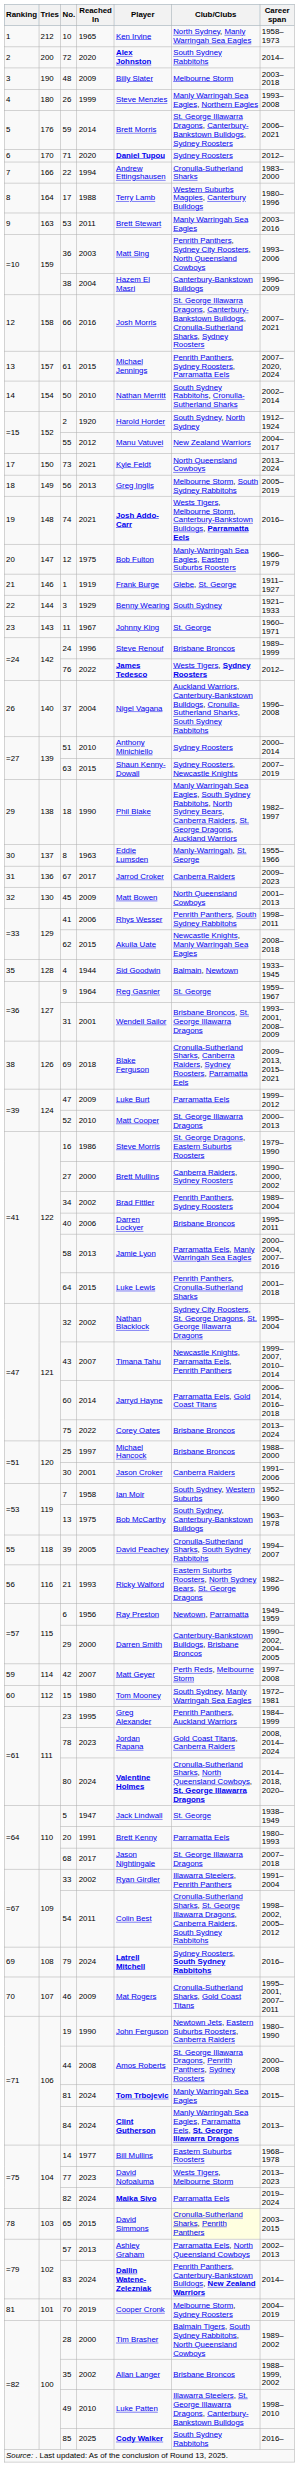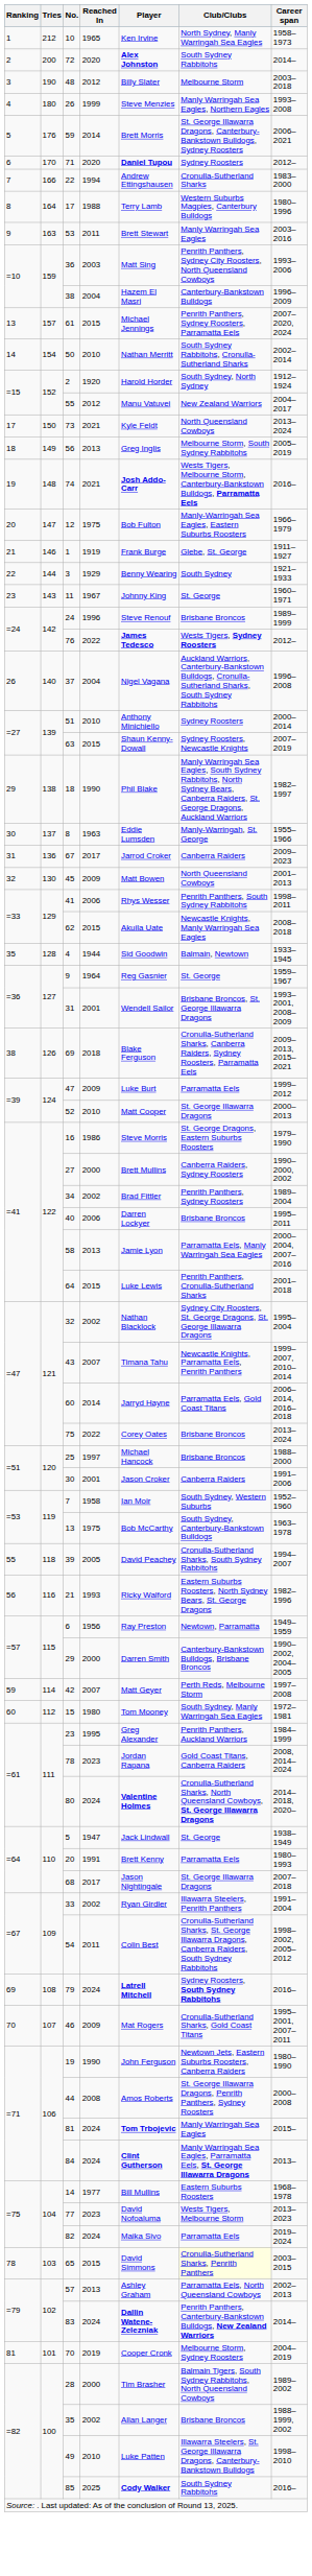 <table class="wikitable sortable" width=95%>
 <tr bgcolor=#87cefa>
 <th>Ranking</th>
 <th>Tries</th>
 <th>No.</th>
 <th>Reached In</th>
 <th>Player</th>
 <th>Club/Clubs</th>
 <th>Career span</th>
 </tr>
 <tr>
 <td>1</td>
 <td>212</td>
 <td>10</td>
 <td>1965</td>
 <td><a href='#'>Ken Irvine</a></td>
 <td><a href='#'>North Sydney</a>, <a href='#'>Manly Warringah Sea Eagles</a></td>
 <td>1958–1973</td>
 </tr>
 <tr>
 <td>2</td>
 <td>200</td>
 <td>72</td>
 <td>2020</td>
 <td><strong><a href='#'>Alex Johnston</a></strong></td>
 <td><a href='#'>South Sydney Rabbitohs</a></td>
 <td>2014–</td>
 </tr>
 <tr>
 <td>3</td>
 <td>190</td>
 <td>48</td>
-<td>2009</td>
+<td>2012</td>
 <td><a href='#'>Billy Slater</a></td>
 <td><a href='#'>Melbourne Storm</a></td>
 <td>2003–2018</td>
 </tr>
 <tr>
 <td>4</td>
 <td>180</td>
 <td>26</td>
 <td>1999</td>
 <td><a href='#'>Steve Menzies</a></td>
 <td><a href='#'>Manly Warringah Sea Eagles</a>, <a href='#'>Northern Eagles</a></td>
 <td>1993–2008</td>
 </tr>
 <tr>
 <td>5</td>
 <td>176</td>
 <td>59</td>
 <td>2014</td>
 <td><a href='#'>Brett Morris</a></td>
 <td><a href='#'>St. George Illawarra Dragons</a>, <a href='#'>Canterbury-Bankstown Bulldogs</a>, <a href='#'>Sydney Roosters</a></td>
 <td>2006–2021</td>
 </tr>
 <tr>
 <td>6</td>
 <td>170</td>
 <td>71</td>
 <td>2020</td>
 <td><strong><a href='#'>Daniel Tupou</a></strong></td>
 <td><a href='#'>Sydney Roosters</a></td>
 <td>2012–</td>
 </tr>
 <tr>
 <td>7</td>
 <td>166</td>
 <td>22</td>
 <td>1994</td>
 <td><a href='#'>Andrew Ettingshausen</a></td>
 <td><a href='#'>Cronulla-Sutherland Sharks</a></td>
 <td>1983–2000</td>
 </tr>
 <tr>
 <td>8</td>
 <td>164</td>
 <td>17</td>
 <td>1988</td>
 <td><a href='#'>Terry Lamb</a></td>
 <td><a href='#'>Western Suburbs Magpies</a>, <a href='#'>Canterbury Bulldogs</a></td>
 <td>1980–1996</td>
 </tr>
 <tr>
 <td>9</td>
 <td>163</td>
 <td>53</td>
 <td>2011</td>
 <td><a href='#'>Brett Stewart</a></td>
 <td><a href='#'>Manly Warringah Sea Eagles</a></td>
 <td>2003–2016</td>
 </tr>
 <tr>
 <td rowspan="2">=10</td>
 <td rowspan="2">159</td>
 <td>36</td>
 <td>2003</td>
 <td><a href='#'>Matt Sing</a></td>
 <td><a href='#'>Penrith Panthers</a>, <a href='#'>Sydney City Roosters</a>, <a href='#'>North Queensland Cowboys</a></td>
 <td>1993–2006</td>
 </tr>
 <tr>
 <td>38</td>
 <td>2004</td>
 <td><a href='#'>Hazem El Masri</a></td>
 <td><a href='#'>Canterbury-Bankstown Bulldogs</a></td>
 <td>1996–2009</td>
-</tr>
-<tr>
-<td>12</td>
-<td>158</td>
-<td>66</td>
-<td>2016</td>
-<td><a href='#'>Josh Morris</a></td>
-<td><a href='#'>St. George Illawarra Dragons</a>, <a href='#'>Canterbury-Bankstown Bulldogs</a>, <a href='#'>Cronulla-Sutherland Sharks</a>, <a href='#'>Sydney Roosters</a></td>
-<td>2007–2021</td>
 </tr>
 <tr>
 <td>13</td>
 <td>157</td>
 <td>61</td>
 <td>2015</td>
 <td><a href='#'>Michael Jennings</a></td>
 <td><a href='#'>Penrith Panthers</a>, <a href='#'>Sydney Roosters</a>, <a href='#'>Parramatta Eels</a></td>
 <td>2007–2020, 2024</td>
 </tr>
 <tr>
 <td>14</td>
 <td>154</td>
 <td>50</td>
 <td>2010</td>
 <td><a href='#'>Nathan Merritt</a></td>
 <td><a href='#'>South Sydney Rabbitohs</a>, <a href='#'>Cronulla-Sutherland Sharks</a></td>
 <td>2002–2014</td>
 </tr>
 <tr>
 <td rowspan="2">=15</td>
 <td rowspan="2">152</td>
 <td>2</td>
 <td>1920</td>
 <td><a href='#'>Harold Horder</a></td>
 <td><a href='#'>South Sydney</a>, <a href='#'>North Sydney</a></td>
 <td>1912–1924</td>
 </tr>
 <tr>
 <td>55</td>
 <td>2012</td>
 <td><a href='#'>Manu Vatuvei</a></td>
 <td><a href='#'>New Zealand Warriors</a></td>
 <td>2004–2017</td>
 </tr>
 <tr>
 <td>17</td>
 <td>150</td>
 <td>73</td>
 <td>2021</td>
 <td><a href='#'>Kyle Feldt</a></td>
 <td><a href='#'>North Queensland Cowboys</a></td>
 <td>2013–2024</td>
 </tr>
 <tr>
 <td>18</td>
 <td>149</td>
 <td>56</td>
 <td>2013</td>
 <td><a href='#'>Greg Inglis</a></td>
 <td><a href='#'>Melbourne Storm</a>, <a href='#'>South Sydney Rabbitohs</a></td>
 <td>2005–2019</td>
 </tr>
 <tr>
 <td>19</td>
 <td>148</td>
 <td>74</td>
 <td>2021</td>
 <td><strong><a href='#'>Josh Addo-Carr</a></strong></td>
 <td><a href='#'>Wests Tigers</a>, <a href='#'>Melbourne Storm</a>, <a href='#'>Canterbury-Bankstown Bulldogs</a>, <strong><a href='#'>Parramatta Eels</a></strong></td>
 <td>2016–</td>
 </tr>
 <tr>
 <td>20</td>
 <td>147</td>
 <td>12</td>
 <td>1975</td>
 <td><a href='#'>Bob Fulton</a></td>
 <td><a href='#'>Manly-Warringah Sea Eagles</a>, <a href='#'>Eastern Suburbs Roosters</a></td>
 <td>1966–1979</td>
 </tr>
 <tr>
 <td>21</td>
 <td>146</td>
 <td>1</td>
 <td>1919</td>
 <td><a href='#'>Frank Burge</a></td>
 <td><a href='#'>Glebe</a>, <a href='#'>St. George</a></td>
 <td>1911–1927</td>
 </tr>
 <tr>
 <td>22</td>
 <td>144</td>
 <td>3</td>
 <td>1929</td>
 <td><a href='#'>Benny Wearing</a></td>
 <td><a href='#'>South Sydney</a></td>
 <td>1921–1933</td>
 </tr>
 <tr>
 <td>23</td>
 <td>143</td>
 <td>11</td>
 <td>1967</td>
 <td><a href='#'>Johnny King</a></td>
 <td><a href='#'>St. George</a></td>
 <td>1960–1971</td>
 </tr>
 <tr>
 <td rowspan="2">=24</td>
 <td rowspan="2">142</td>
 <td>24</td>
 <td>1996</td>
 <td><a href='#'>Steve Renouf</a></td>
 <td><a href='#'>Brisbane Broncos</a></td>
 <td>1989–1999</td>
 </tr>
 <tr>
 <td>76</td>
 <td>2022</td>
 <td><strong><a href='#'>James Tedesco</a></strong></td>
 <td><a href='#'>Wests Tigers</a>, <strong><a href='#'>Sydney Roosters</a></strong></td>
 <td>2012–</td>
 </tr>
 <tr>
 <td>26</td>
 <td>140</td>
 <td>37</td>
 <td>2004</td>
 <td><a href='#'>Nigel Vagana</a></td>
 <td><a href='#'>Auckland Warriors</a>, <a href='#'>Canterbury-Bankstown Bulldogs</a>, <a href='#'>Cronulla-Sutherland Sharks</a>, <a href='#'>South Sydney Rabbitohs</a></td>
 <td>1996–2008</td>
 </tr>
 <tr>
 <td rowspan="2">=27</td>
 <td rowspan="2">139</td>
 <td>51</td>
 <td>2010</td>
 <td><a href='#'>Anthony Minichiello</a></td>
 <td><a href='#'>Sydney Roosters</a></td>
 <td>2000–2014</td>
 </tr>
 <tr>
 <td>63</td>
 <td>2015</td>
 <td><a href='#'>Shaun Kenny-Dowall</a></td>
 <td><a href='#'>Sydney Roosters</a>, <a href='#'>Newcastle Knights</a></td>
 <td>2007–2019</td>
 </tr>
 <tr>
 <td>29</td>
 <td>138</td>
 <td>18</td>
 <td>1990</td>
 <td><a href='#'>Phil Blake</a></td>
 <td><a href='#'>Manly Warringah Sea Eagles</a>, <a href='#'>South Sydney Rabbitohs</a>, <a href='#'>North Sydney Bears</a>, <a href='#'>Canberra Raiders</a>, <a href='#'>St. George Dragons</a>, <a href='#'>Auckland Warriors</a></td>
 <td>1982–1997</td>
 </tr>
 <tr>
 <td>30</td>
 <td>137</td>
 <td>8</td>
 <td>1963</td>
 <td><a href='#'>Eddie Lumsden</a></td>
 <td><a href='#'>Manly-Warringah</a>, <a href='#'>St. George</a></td>
 <td>1955–1966</td>
 </tr>
 <tr>
 <td>31</td>
 <td>136</td>
 <td>67</td>
 <td>2017</td>
 <td><a href='#'>Jarrod Croker</a></td>
 <td><a href='#'>Canberra Raiders</a></td>
 <td>2009–2023</td>
 </tr>
 <tr>
 <td>32</td>
 <td>130</td>
 <td>45</td>
 <td>2009</td>
 <td><a href='#'>Matt Bowen</a></td>
 <td><a href='#'>North Queensland Cowboys</a></td>
 <td>2001–2013</td>
 </tr>
 <tr>
 <td rowspan="2">=33</td>
 <td rowspan="2">129</td>
 <td>41</td>
 <td>2006</td>
 <td><a href='#'>Rhys Wesser</a></td>
 <td><a href='#'>Penrith Panthers</a>, <a href='#'>South Sydney Rabbitohs</a></td>
 <td>1998–2011</td>
 </tr>
 <tr>
 <td>62</td>
 <td>2015</td>
 <td><a href='#'>Akuila Uate</a></td>
 <td><a href='#'>Newcastle Knights</a>, <a href='#'>Manly Warringah Sea Eagles</a></td>
 <td>2008–2018</td>
 </tr>
 <tr>
 <td>35</td>
 <td>128</td>
 <td>4</td>
 <td>1944</td>
 <td><a href='#'>Sid Goodwin</a></td>
 <td><a href='#'>Balmain</a>, <a href='#'>Newtown</a></td>
 <td>1933–1945</td>
 </tr>
 <tr>
 <td rowspan="2">=36</td>
 <td rowspan="2">127</td>
 <td>9</td>
 <td>1964</td>
 <td><a href='#'>Reg Gasnier</a></td>
 <td><a href='#'>St. George</a></td>
 <td>1959–1967</td>
 </tr>
 <tr>
 <td>31</td>
 <td>2001</td>
 <td><a href='#'>Wendell Sailor</a></td>
 <td><a href='#'>Brisbane Broncos</a>, <a href='#'>St. George Illawarra Dragons</a></td>
 <td>1993–2001, 2008–2009</td>
 </tr>
 <tr>
 <td>38</td>
 <td>126</td>
 <td>69</td>
 <td>2018</td>
 <td><a href='#'>Blake Ferguson</a></td>
 <td><a href='#'>Cronulla-Sutherland Sharks</a>, <a href='#'>Canberra Raiders</a>, <a href='#'>Sydney Roosters</a>, <a href='#'>Parramatta Eels</a></td>
 <td>2009–2013, 2015–2021</td>
 </tr>
 <tr>
 <td rowspan="2">=39</td>
 <td rowspan="2">124</td>
 <td>47</td>
 <td>2009</td>
 <td><a href='#'>Luke Burt</a></td>
 <td><a href='#'>Parramatta Eels</a></td>
 <td>1999–2012</td>
 </tr>
 <tr>
 <td>52</td>
 <td>2010</td>
 <td><a href='#'>Matt Cooper</a></td>
 <td><a href='#'>St. George Illawarra Dragons</a></td>
 <td>2000–2013</td>
 </tr>
 <tr>
 <td rowspan="6">=41</td>
 <td rowspan="6">122</td>
 <td>16</td>
 <td>1986</td>
 <td><a href='#'>Steve Morris</a></td>
 <td><a href='#'>St. George Dragons</a>, <a href='#'>Eastern Suburbs Roosters</a></td>
 <td>1979–1990</td>
 </tr>
 <tr>
 <td>27</td>
 <td>2000</td>
 <td><a href='#'>Brett Mullins</a></td>
 <td><a href='#'>Canberra Raiders</a>, <a href='#'>Sydney Roosters</a></td>
 <td>1990–2000, 2002</td>
 </tr>
 <tr>
 <td>34</td>
 <td>2002</td>
 <td><a href='#'>Brad Fittler</a></td>
 <td><a href='#'>Penrith Panthers</a>, <a href='#'>Sydney Roosters</a></td>
 <td>1989–2004</td>
 </tr>
 <tr>
 <td>40</td>
 <td>2006</td>
 <td><a href='#'>Darren Lockyer</a></td>
 <td><a href='#'>Brisbane Broncos</a></td>
 <td>1995–2011</td>
 </tr>
 <tr>
 <td>58</td>
 <td>2013</td>
 <td><a href='#'>Jamie Lyon</a></td>
 <td><a href='#'>Parramatta Eels</a>, <a href='#'>Manly Warringah Sea Eagles</a></td>
 <td>2000–2004, 2007–2016</td>
 </tr>
 <tr>
 <td>64</td>
 <td>2015</td>
 <td><a href='#'>Luke Lewis</a></td>
 <td><a href='#'>Penrith Panthers</a>, <a href='#'>Cronulla-Sutherland Sharks</a></td>
 <td>2001–2018</td>
 </tr>
 <tr>
 <td rowspan="4">=47</td>
 <td rowspan="4">121</td>
 <td>32</td>
 <td>2002</td>
 <td><a href='#'>Nathan Blacklock</a></td>
 <td><a href='#'>Sydney City Roosters</a>, <a href='#'>St. George Dragons</a>, <a href='#'>St. George Illawarra Dragons</a></td>
 <td>1995–2004</td>
 </tr>
 <tr>
 <td>43</td>
 <td>2007</td>
 <td><a href='#'>Timana Tahu</a></td>
 <td><a href='#'>Newcastle Knights</a>, <a href='#'>Parramatta Eels</a>, <a href='#'>Penrith Panthers</a></td>
 <td>1999–2007, 2010–2014</td>
 </tr>
 <tr>
 <td>60</td>
 <td>2014</td>
 <td><a href='#'>Jarryd Hayne</a></td>
 <td><a href='#'>Parramatta Eels</a>, <a href='#'>Gold Coast Titans</a></td>
 <td>2006–2014, 2016–2018</td>
 </tr>
 <tr>
 <td>75</td>
 <td>2022</td>
 <td><a href='#'>Corey Oates</a></td>
 <td><a href='#'>Brisbane Broncos</a></td>
 <td>2013–2024</td>
 </tr>
 <tr>
 <td rowspan="2">=51</td>
 <td rowspan="2">120</td>
 <td>25</td>
 <td>1997</td>
 <td><a href='#'>Michael Hancock</a></td>
 <td><a href='#'>Brisbane Broncos</a></td>
 <td>1988–2000</td>
 </tr>
 <tr>
 <td>30</td>
 <td>2001</td>
 <td><a href='#'>Jason Croker</a></td>
 <td><a href='#'>Canberra Raiders</a></td>
 <td>1991–2006</td>
 </tr>
 <tr>
 <td rowspan="2">=53</td>
 <td rowspan="2">119</td>
 <td>7</td>
 <td>1958</td>
 <td><a href='#'>Ian Moir</a></td>
 <td><a href='#'>South Sydney</a>, <a href='#'>Western Suburbs</a></td>
 <td>1952–1960</td>
 </tr>
 <tr>
 <td>13</td>
 <td>1975</td>
 <td><a href='#'>Bob McCarthy</a></td>
 <td><a href='#'>South Sydney</a>, <a href='#'>Canterbury-Bankstown Bulldogs</a></td>
 <td>1963–1978</td>
 </tr>
 <tr>
 <td>55</td>
 <td>118</td>
 <td>39</td>
 <td>2005</td>
 <td><a href='#'>David Peachey</a></td>
 <td><a href='#'>Cronulla-Sutherland Sharks</a>, <a href='#'>South Sydney Rabbitohs</a></td>
 <td>1994–2007</td>
 </tr>
 <tr>
 <td>56</td>
 <td>116</td>
 <td>21</td>
 <td>1993</td>
 <td><a href='#'>Ricky Walford</a></td>
 <td><a href='#'>Eastern Suburbs Roosters</a>, <a href='#'>North Sydney Bears</a>, <a href='#'>St. George Dragons</a></td>
 <td>1982–1996</td>
 </tr>
 <tr>
 <td rowspan="2">=57</td>
 <td rowspan="2">115</td>
 <td>6</td>
 <td>1956</td>
 <td><a href='#'>Ray Preston</a></td>
 <td><a href='#'>Newtown</a>, <a href='#'>Parramatta</a></td>
 <td>1949–1959</td>
 </tr>
 <tr>
 <td>29</td>
 <td>2000</td>
 <td><a href='#'>Darren Smith</a></td>
 <td><a href='#'>Canterbury-Bankstown Bulldogs</a>, <a href='#'>Brisbane Broncos</a></td>
 <td>1990–2002, 2004–2005</td>
 </tr>
 <tr>
 <td>59</td>
 <td>114</td>
 <td>42</td>
 <td>2007</td>
 <td><a href='#'>Matt Geyer</a></td>
 <td><a href='#'>Perth Reds</a>, <a href='#'>Melbourne Storm</a></td>
 <td>1997–2008</td>
 </tr>
 <tr>
 <td>60</td>
 <td>112</td>
 <td>15</td>
 <td>1980</td>
 <td><a href='#'>Tom Mooney</a></td>
 <td><a href='#'>South Sydney</a>, <a href='#'>Manly Warringah Sea Eagles</a></td>
 <td>1972–1981</td>
 </tr>
 <tr>
 <td rowspan="3">=61</td>
 <td rowspan="3">111</td>
 <td>23</td>
 <td>1995</td>
 <td><a href='#'>Greg Alexander</a></td>
 <td><a href='#'>Penrith Panthers</a>, <a href='#'>Auckland Warriors</a></td>
 <td>1984–1999</td>
 </tr>
 <tr>
 <td>78</td>
 <td>2023</td>
 <td><a href='#'>Jordan Rapana</a></td>
 <td><a href='#'>Gold Coast Titans</a>, <a href='#'>Canberra Raiders</a></td>
 <td>2008, 2014–2024</td>
 </tr>
 <tr>
 <td>80</td>
 <td>2024</td>
 <td><strong><a href='#'>Valentine Holmes</a></strong></td>
 <td><a href='#'>Cronulla-Sutherland Sharks</a>, <a href='#'>North Queensland Cowboys</a>, <strong><a href='#'>St. George Illawarra Dragons</a></strong></td>
 <td>2014–2018, 2020–</td>
 </tr>
 <tr>
 <td rowspan="3">=64</td>
 <td rowspan="3">110</td>
 <td>5</td>
 <td>1947</td>
 <td><a href='#'>Jack Lindwall</a></td>
 <td><a href='#'>St. George</a></td>
 <td>1938–1949</td>
 </tr>
 <tr>
 <td>20</td>
 <td>1991</td>
 <td><a href='#'>Brett Kenny</a></td>
 <td><a href='#'>Parramatta Eels</a></td>
 <td>1980–1993</td>
 </tr>
 <tr>
 <td>68</td>
 <td>2017</td>
 <td><a href='#'>Jason Nightingale</a></td>
 <td><a href='#'>St. George Illawarra Dragons</a></td>
 <td>2007–2018</td>
 </tr>
 <tr>
 <td rowspan="2">=67</td>
 <td rowspan="2">109</td>
 <td>33</td>
 <td>2002</td>
 <td><a href='#'>Ryan Girdler</a></td>
 <td><a href='#'>Illawarra Steelers</a>, <a href='#'>Penrith Panthers</a></td>
 <td>1991–2004</td>
 </tr>
 <tr>
 <td>54</td>
 <td>2011</td>
 <td><a href='#'>Colin Best</a></td>
 <td><a href='#'>Cronulla-Sutherland Sharks</a>, <a href='#'>St. George Illawarra Dragons</a>, <a href='#'>Canberra Raiders</a>, <a href='#'>South Sydney Rabbitohs</a></td>
 <td>1998–2002, 2005–2012</td>
 </tr>
 <tr>
 <td>69</td>
 <td>108</td>
 <td>79</td>
 <td>2024</td>
 <td><strong><a href='#'>Latrell Mitchell</a></strong></td>
 <td><a href='#'>Sydney Roosters</a>, <strong><a href='#'>South Sydney Rabbitohs</a></strong></td>
 <td>2016–</td>
 </tr>
 <tr>
 <td>70</td>
 <td>107</td>
 <td>46</td>
 <td>2009</td>
 <td><a href='#'>Mat Rogers</a></td>
 <td><a href='#'>Cronulla-Sutherland Sharks</a>, <a href='#'>Gold Coast Titans</a></td>
 <td>1995–2001, 2007–2011</td>
 </tr>
 <tr>
 <td rowspan="4">=71</td>
 <td rowspan="4">106</td>
 <td>19</td>
 <td>1990</td>
 <td><a href='#'>John Ferguson</a></td>
 <td><a href='#'>Newtown Jets</a>, <a href='#'>Eastern Suburbs Roosters</a>, <a href='#'>Canberra Raiders</a></td>
 <td>1980–1990</td>
 </tr>
 <tr>
 <td>44</td>
 <td>2008</td>
 <td><a href='#'>Amos Roberts</a></td>
 <td><a href='#'>St. George Illawarra Dragons</a>, <a href='#'>Penrith Panthers</a>, <a href='#'>Sydney Roosters</a></td>
 <td>2000–2008</td>
 </tr>
 <tr>
 <td>81</td>
 <td>2024</td>
 <td><strong><a href='#'>Tom Trbojevic</a></strong></td>
 <td><a href='#'>Manly Warringah Sea Eagles</a></td>
 <td>2015–</td>
 </tr>
 <tr>
 <td>84</td>
 <td>2024</td>
 <td><strong><a href='#'>Clint Gutherson</a></strong></td>
 <td><a href='#'>Manly Warringah Sea Eagles</a>, <a href='#'>Parramatta Eels</a>, <strong><a href='#'>St. George Illawarra Dragons</a></strong></td>
 <td>2013–</td>
 </tr>
 <tr>
 <td rowspan="3">=75</td>
 <td rowspan="3">104</td>
 <td>14</td>
 <td>1977</td>
 <td><a href='#'>Bill Mullins</a></td>
 <td><a href='#'>Eastern Suburbs Roosters</a></td>
 <td>1968–1978</td>
 </tr>
 <tr>
 <td>77</td>
 <td>2023</td>
 <td><a href='#'>David Nofoaluma</a></td>
 <td><a href='#'>Wests Tigers</a>, <a href='#'>Melbourne Storm</a></td>
 <td>2013–2023</td>
 </tr>
 <tr>
 <td>82</td>
 <td>2024</td>
-<td><strong><a href='#'>Maika Sivo</a></strong></td>
+<td><a href='#'>Maika Sivo</a></td>
 <td><a href='#'>Parramatta Eels</a></td>
 <td>2019–2024</td>
 </tr>
 <tr>
 <td>78</td>
 <td>103</td>
 <td>65</td>
 <td>2015</td>
 <td><a href='#'>David Simmons</a></td>
 <td style="background: lightyellow;"><a href='#'>Cronulla-Sutherland Sharks</a>, <a href='#'>Penrith Panthers</a></td>
 <td>2003–2015</td>
 </tr>
 <tr>
 <td rowspan="2">=79</td>
 <td rowspan="2">102</td>
 <td>57</td>
 <td>2013</td>
 <td><a href='#'>Ashley Graham</a></td>
 <td><a href='#'>Parramatta Eels</a>, <a href='#'>North Queensland Cowboys</a></td>
 <td>2002–2013</td>
 </tr>
 <tr>
 <td>83</td>
 <td>2024</td>
 <td><strong><a href='#'>Dallin Watene-Zelezniak</a></strong></td>
 <td><a href='#'>Penrith Panthers</a>, <a href='#'>Canterbury-Bankstown Bulldogs</a>, <strong><a href='#'>New Zealand Warriors</a></strong></td>
 <td>2014–</td>
 </tr>
 <tr>
 <td>81</td>
 <td>101</td>
 <td>70</td>
 <td>2019</td>
 <td><a href='#'>Cooper Cronk</a></td>
 <td><a href='#'>Melbourne Storm</a>, <a href='#'>Sydney Roosters</a></td>
 <td>2004–2019</td>
 </tr>
 <tr>
 <td rowspan="4">=82</td>
 <td rowspan="4">100</td>
 <td>28</td>
 <td>2000</td>
 <td><a href='#'>Tim Brasher</a></td>
 <td><a href='#'>Balmain Tigers</a>, <a href='#'>South Sydney Rabbitohs</a>, <a href='#'>North Queensland Cowboys</a></td>
 <td>1989–2002</td>
 </tr>
 <tr>
 <td>35</td>
 <td>2002</td>
 <td><a href='#'>Allan Langer</a></td>
 <td><a href='#'>Brisbane Broncos</a></td>
 <td>1988–1999, 2002</td>
 </tr>
 <tr>
 <td>49</td>
 <td>2010</td>
 <td><a href='#'>Luke Patten</a></td>
 <td><a href='#'>Illawarra Steelers</a>, <a href='#'>St. George Illawarra Dragons</a>, <a href='#'>Canterbury-Bankstown Bulldogs</a></td>
 <td>1998–2010</td>
 </tr>
 <tr>
 <td>85</td>
 <td>2025</td>
 <td><strong><a href='#'>Cody Walker</a></strong></td>
 <td><a href='#'>South Sydney Rabbitohs</a></td>
 <td>2016–</td>
 </tr>
 <tr>
 <td colspan=7><em>Source:  </em>. Last updated: As of the conclusion of Round 13, 2025.</td>
 </tr>
 </table>
